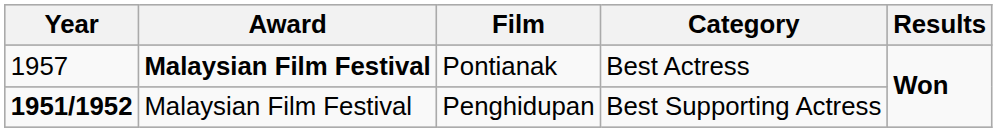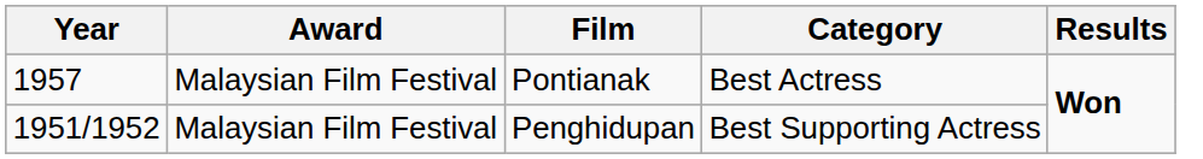 <table class="wikitable">
 <tr>
 <th>Year</th>
 <th>Award</th>
 <th>Film</th>
 <th>Category</th>
 <th>Results</th>
 </tr>
 <tr>
 <td>1957</td>
-<td><strong>Malaysian Film Festival</strong></td>
+<td>Malaysian Film Festival</td>
 <td>Pontianak</td>
 <td>Best Actress</td>
 <td rowspan="2"><strong>Won</strong></td>
 </tr>
 <tr>
-<td><strong>1951/1952</strong></td>
+<td>1951/1952</td>
 <td>Malaysian Film Festival</td>
 <td>Penghidupan</td>
 <td>Best Supporting Actress</td>
 </tr>
 </table>
